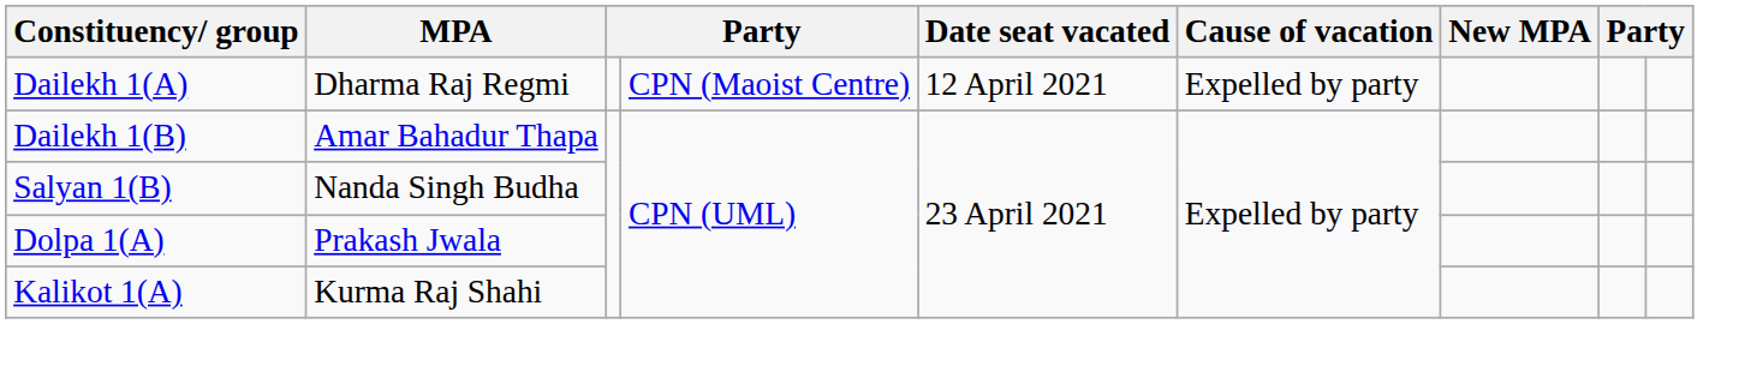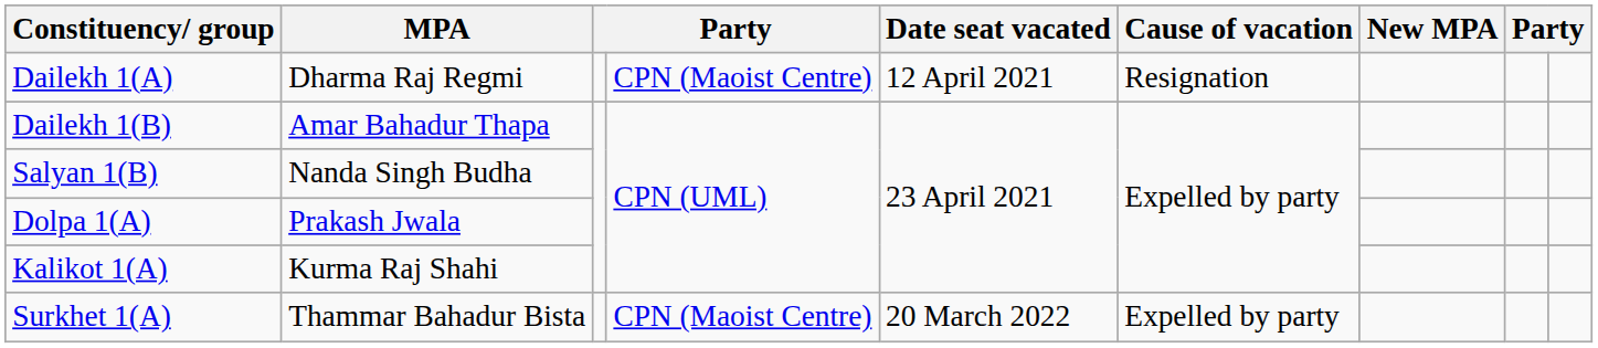 <table class="wikitable">
 <tr>
 <th>Constituency/ group</th>
 <th>MPA</th>
 <th colspan="2">Party</th>
 <th>Date seat vacated</th>
 <th>Cause of vacation</th>
 <th>New MPA</th>
 <th colspan="2">Party</th>
 </tr>
 <tr>
 <td><a href='#'>Dailekh 1(A)</a></td>
 <td>Dharma Raj Regmi</td>
 <td></td>
 <td><a href='#'>CPN (Maoist Centre)</a></td>
 <td>12 April 2021</td>
-<td>Expelled by party</td>
+<td>Resignation</td>
 <td></td>
 <td></td>
 <td></td>
 </tr>
 <tr>
 <td><a href='#'>Dailekh 1(B)</a></td>
 <td><a href='#'>Amar Bahadur Thapa</a></td>
 <td rowspan="4"></td>
 <td rowspan="4"><a href='#'>CPN (UML)</a></td>
 <td rowspan="4">23 April 2021</td>
 <td rowspan="4">Expelled by party</td>
 <td></td>
 <td></td>
 <td></td>
 </tr>
 <tr>
 <td><a href='#'>Salyan 1(B)</a></td>
 <td>Nanda Singh Budha</td>
 <td></td>
 <td></td>
 <td></td>
 </tr>
 <tr>
 <td><a href='#'>Dolpa 1(A)</a></td>
 <td><a href='#'>Prakash Jwala</a></td>
 <td></td>
 <td></td>
 <td></td>
 </tr>
 <tr>
 <td><a href='#'>Kalikot 1(A)</a></td>
 <td>Kurma Raj Shahi</td>
 <td></td>
 <td></td>
 <td></td>
 </tr>
+<tr>
+<td><a href='#'>Surkhet 1(A)</a></td>
+<td>Thammar Bahadur Bista</td>
+<td></td>
+<td><a href='#'>CPN (Maoist Centre)</a></td>
+<td>20 March 2022</td>
+<td>Expelled by party</td>
+<td></td>
+<td></td>
+<td></td>
+</tr>
 </table>
